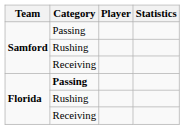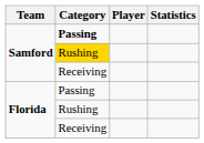 <table class="wikitable" style="float: right;">
 <tr>
 <th>Team</th>
 <th>Category</th>
 <th>Player</th>
 <th>Statistics</th>
 </tr>
 <tr>
 <td rowspan=3><strong>Samford</strong></td>
+<td><strong>Passing</strong></td>
+<td></td>
+<td></td>
+</tr>
+<tr>
+<td style="background: gold;">Rushing</td>
+<td></td>
+<td></td>
+</tr>
+<tr>
+<td>Receiving</td>
+<td></td>
+<td></td>
+</tr>
+<tr>
+<td rowspan=3><strong>Florida</strong></td>
 <td>Passing</td>
 <td></td>
 <td></td>
 </tr>
 <tr>
 <td>Rushing</td>
 <td></td>
 <td></td>
 </tr>
 <tr>
 <td>Receiving</td>
 <td></td>
 <td></td>
 </tr>
-<tr>
-<td rowspan=3><strong>Florida</strong></td>
-<td><strong>Passing</strong></td>
-<td></td>
-<td></td>
-</tr>
-<tr>
-<td>Rushing</td>
-<td></td>
-<td></td>
-</tr>
-<tr>
-<td>Receiving</td>
-<td></td>
-<td></td>
-</tr>
 </table>
